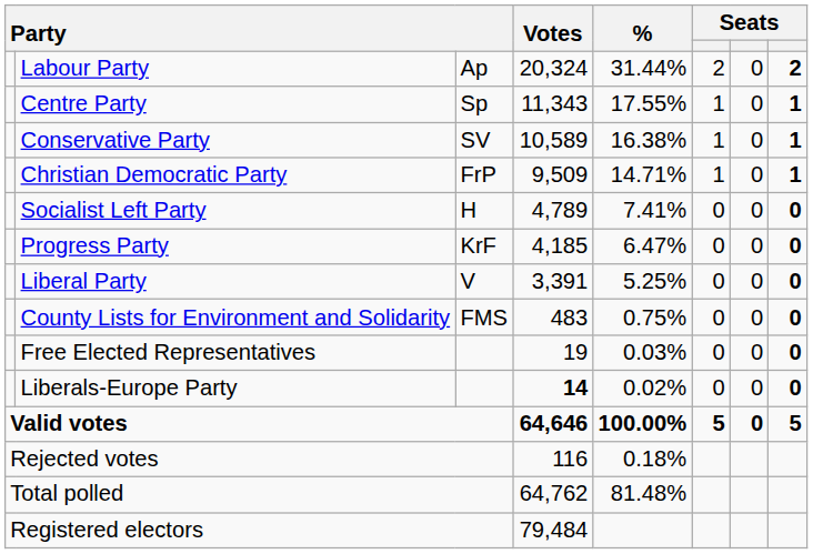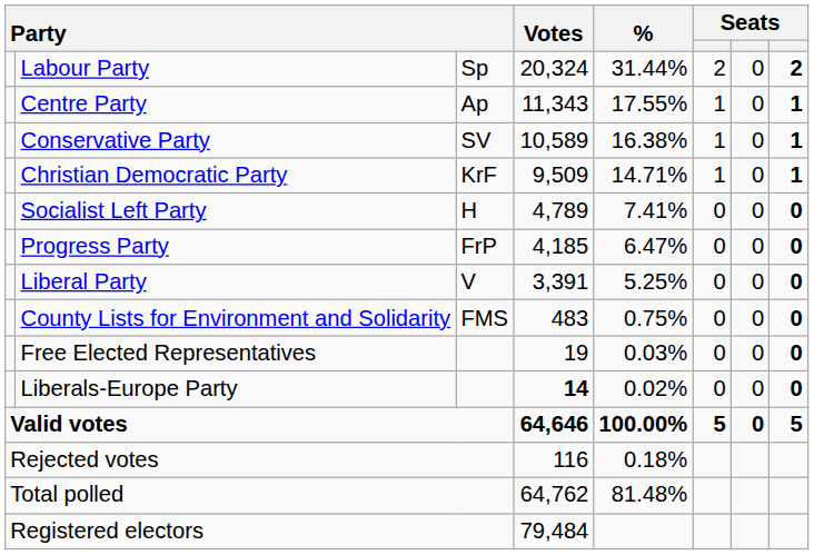 <table class="wikitable" border="1" style="text-align:right;">
 <tr>
 <th style="text-align:left;" valign=bottom rowspan=2 colspan=3>Party</th>
 <th align=center valign=bottom rowspan=2 width="50">Votes</th>
 <th align=center valign=bottom rowspan=2 width="50">%</th>
 <th colspan=3>Seats</th>
 </tr>
 <tr>
 <th align=center valign=bottom width="20"><small></small></th>
 <th align=center valign=bottom width="20"><small><a href='#'></a></small></th>
 <th align=center valign=bottom width="20"><small></small></th>
 </tr>
 <tr>
 <td style="color:inherit;background:"></td>
 <td align=left><a href='#'>Labour Party</a></td>
-<td align=left>Ap</td>
+<td align=left>Sp</td>
 <td>20,324</td>
 <td>31.44%</td>
 <td>2</td>
 <td>0</td>
 <td><strong>2</strong></td>
 </tr>
 <tr>
 <td style="color:inherit;background:"></td>
 <td align=left><a href='#'>Centre Party</a></td>
-<td align=left>Sp</td>
+<td align=left>Ap</td>
 <td>11,343</td>
 <td>17.55%</td>
 <td>1</td>
 <td>0</td>
 <td><strong>1</strong></td>
 </tr>
 <tr>
 <td style="color:inherit;background:"></td>
 <td align=left><a href='#'>Conservative Party</a></td>
 <td align=left>SV</td>
 <td>10,589</td>
 <td>16.38%</td>
 <td>1</td>
 <td>0</td>
 <td><strong>1</strong></td>
 </tr>
 <tr>
 <td style="color:inherit;background:"></td>
 <td align=left><a href='#'>Christian Democratic Party</a></td>
-<td align=left>FrP</td>
+<td align=left>KrF</td>
 <td>9,509</td>
 <td>14.71%</td>
 <td>1</td>
 <td>0</td>
 <td><strong>1</strong></td>
 </tr>
 <tr>
 <td style="color:inherit;background:"></td>
 <td align=left><a href='#'>Socialist Left Party</a></td>
 <td align=left>H</td>
 <td>4,789</td>
 <td>7.41%</td>
 <td>0</td>
 <td>0</td>
 <td><strong>0</strong></td>
 </tr>
 <tr>
 <td style="color:inherit;background:"></td>
 <td align=left><a href='#'>Progress Party</a></td>
-<td align=left>KrF</td>
+<td align=left>FrP</td>
 <td>4,185</td>
 <td>6.47%</td>
 <td>0</td>
 <td>0</td>
 <td><strong>0</strong></td>
 </tr>
 <tr>
 <td style="color:inherit;background:"></td>
 <td align=left><a href='#'>Liberal Party</a></td>
 <td align=left>V</td>
 <td>3,391</td>
 <td>5.25%</td>
 <td>0</td>
 <td>0</td>
 <td><strong>0</strong></td>
 </tr>
 <tr>
 <td></td>
 <td align=left><a href='#'>County Lists for Environment and Solidarity</a></td>
 <td align=left>FMS</td>
 <td>483</td>
 <td>0.75%</td>
 <td>0</td>
 <td>0</td>
 <td><strong>0</strong></td>
 </tr>
 <tr>
 <td></td>
 <td align=left>Free Elected Representatives</td>
 <td align=left></td>
 <td>19</td>
 <td>0.03%</td>
 <td>0</td>
 <td>0</td>
 <td><strong>0</strong></td>
 </tr>
 <tr>
 <td></td>
 <td align=left>Liberals-Europe Party</td>
 <td align=left></td>
 <td><strong>14</strong></td>
 <td>0.02%</td>
 <td>0</td>
 <td>0</td>
 <td><strong>0</strong></td>
 </tr>
 <tr style="font-weight:bold">
 <td align=left colspan=3>Valid votes</td>
 <td>64,646</td>
 <td>100.00%</td>
 <td>5</td>
 <td>0</td>
 <td>5</td>
 </tr>
 <tr>
 <td align=left colspan=3>Rejected votes</td>
 <td>116</td>
 <td>0.18%</td>
 <td></td>
 <td></td>
 <td></td>
 </tr>
 <tr>
 <td align=left colspan=3>Total polled</td>
 <td>64,762</td>
 <td>81.48%</td>
 <td></td>
 <td></td>
 <td></td>
 </tr>
 <tr>
 <td align=left colspan=3>Registered electors</td>
 <td>79,484</td>
 <td></td>
 <td></td>
 <td></td>
 <td></td>
 </tr>
 </table>
